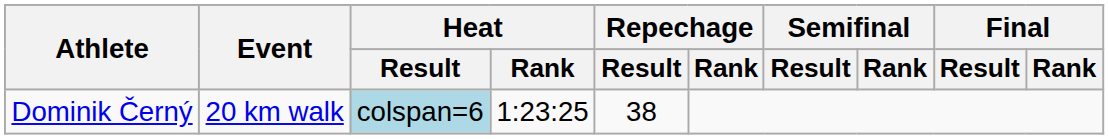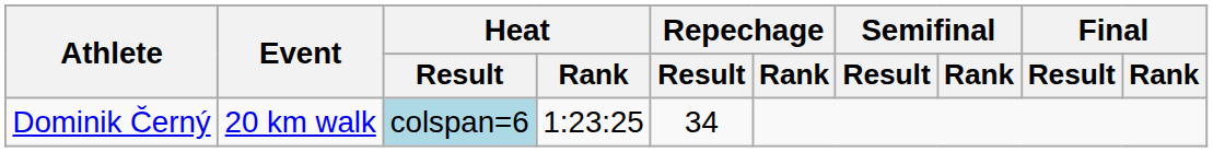 <table class="wikitable" style="font-size:90%">
 <tr>
 <th rowspan="2">Athlete</th>
 <th rowspan="2">Event</th>
 <th colspan="2">Heat</th>
 <th colspan="2">Repechage</th>
 <th colspan="2">Semifinal</th>
 <th colspan="2">Final</th>
 </tr>
 <tr style="font-size:95%">
 <th>Result</th>
 <th>Rank</th>
 <th>Result</th>
 <th>Rank</th>
 <th>Result</th>
 <th>Rank</th>
 <th>Result</th>
 <th>Rank</th>
 </tr>
 <tr align=center>
 <td align=left rowspan=2><a href='#'>Dominik Černý</a></td>
 <td align=left><a href='#'>20 km walk</a></td>
 <td style="background: lightblue;">colspan=6 </td>
 <td>1:23:25</td>
-<td>38</td>
+<td>34</td>
 </tr>
 </table>
